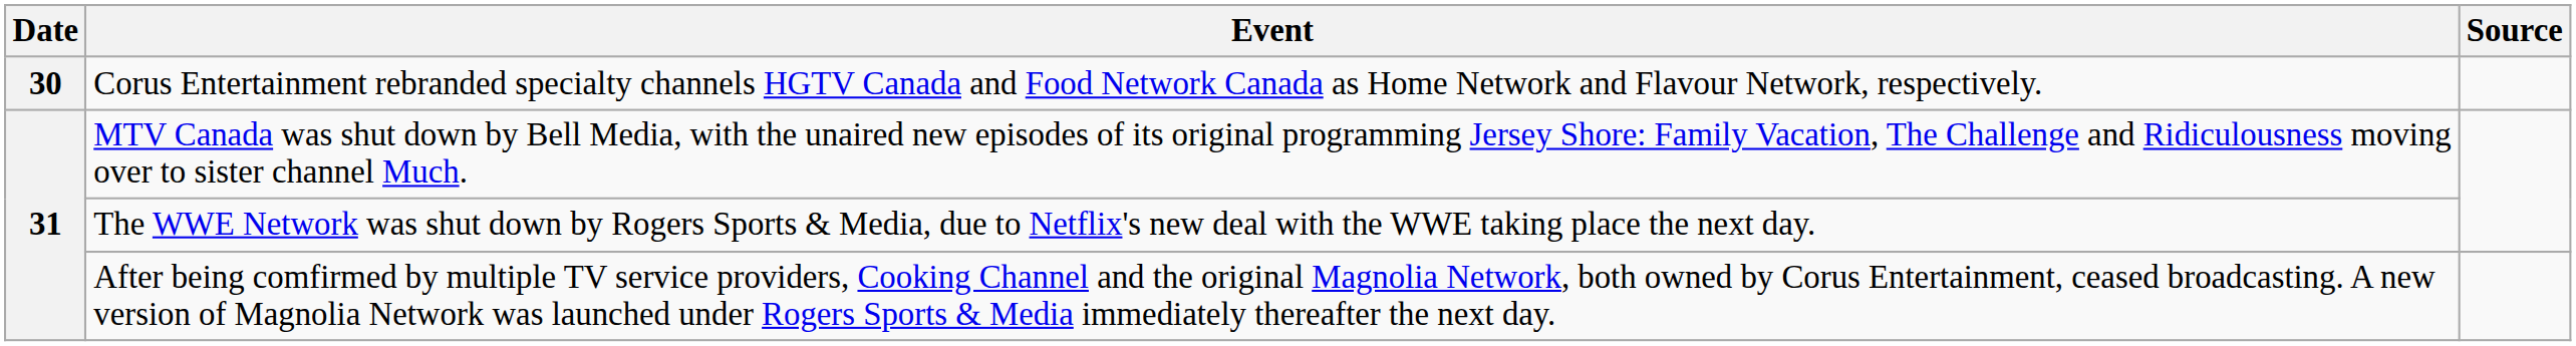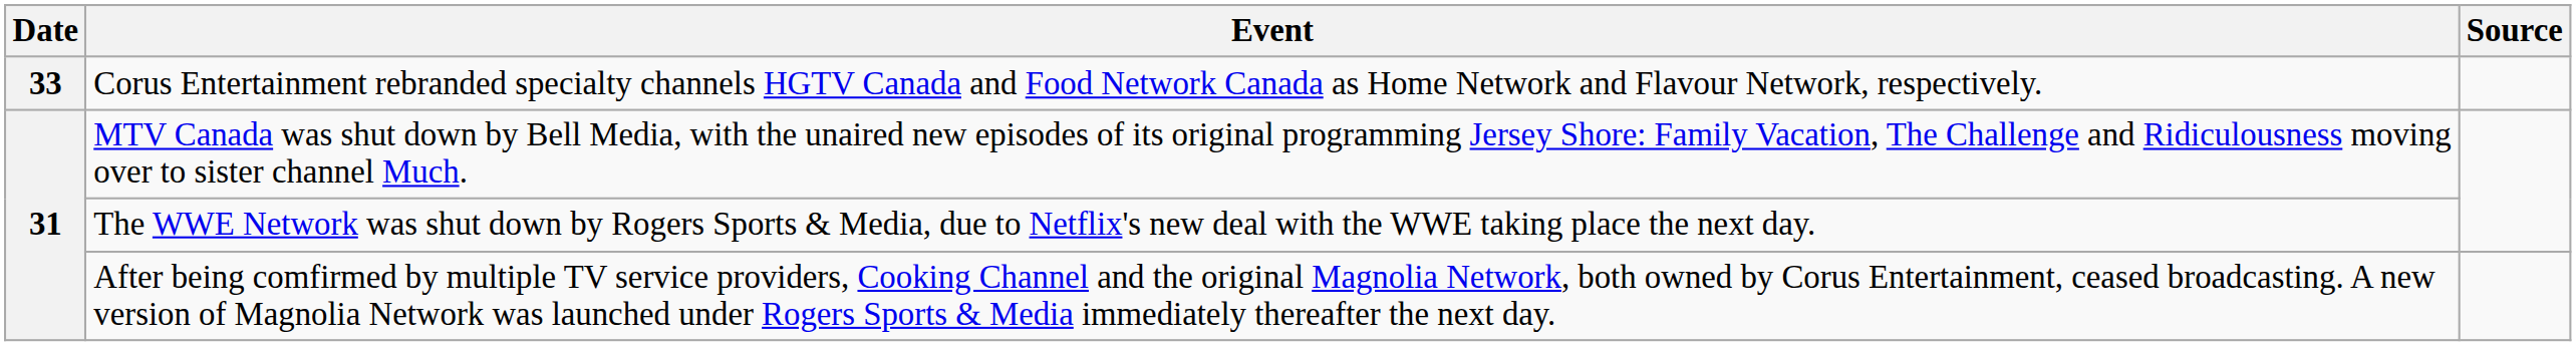 <table class="wikitable">
 <tr>
 <th>Date</th>
 <th>Event</th>
 <th>Source</th>
 </tr>
 <tr>
-<th>30</th>
+<th>33</th>
 <td>Corus Entertainment rebranded specialty channels <a href='#'>HGTV Canada</a> and <a href='#'>Food Network Canada</a> as Home Network and Flavour Network, respectively.</td>
 <td></td>
 </tr>
 <tr>
 <th rowspan=3>31</th>
 <td><a href='#'>MTV Canada</a> was shut down by Bell Media, with the unaired new episodes of its original programming <a href='#'>Jersey Shore: Family Vacation</a>, <a href='#'>The Challenge</a> and <a href='#'>Ridiculousness</a> moving over to sister channel <a href='#'>Much</a>.</td>
 </tr>
 <tr>
 <td>The <a href='#'>WWE Network</a> was shut down by Rogers Sports & Media, due to <a href='#'>Netflix</a>'s new deal with the WWE taking place the next day.</td>
 </tr>
 <tr>
 <td>After being comfirmed by multiple TV service providers, <a href='#'>Cooking Channel</a> and the original <a href='#'>Magnolia Network</a>, both owned by Corus Entertainment, ceased broadcasting. A new version of Magnolia Network was launched under <a href='#'>Rogers Sports & Media</a> immediately thereafter the next day.</td>
 <td></td>
 </tr>
 </table>
